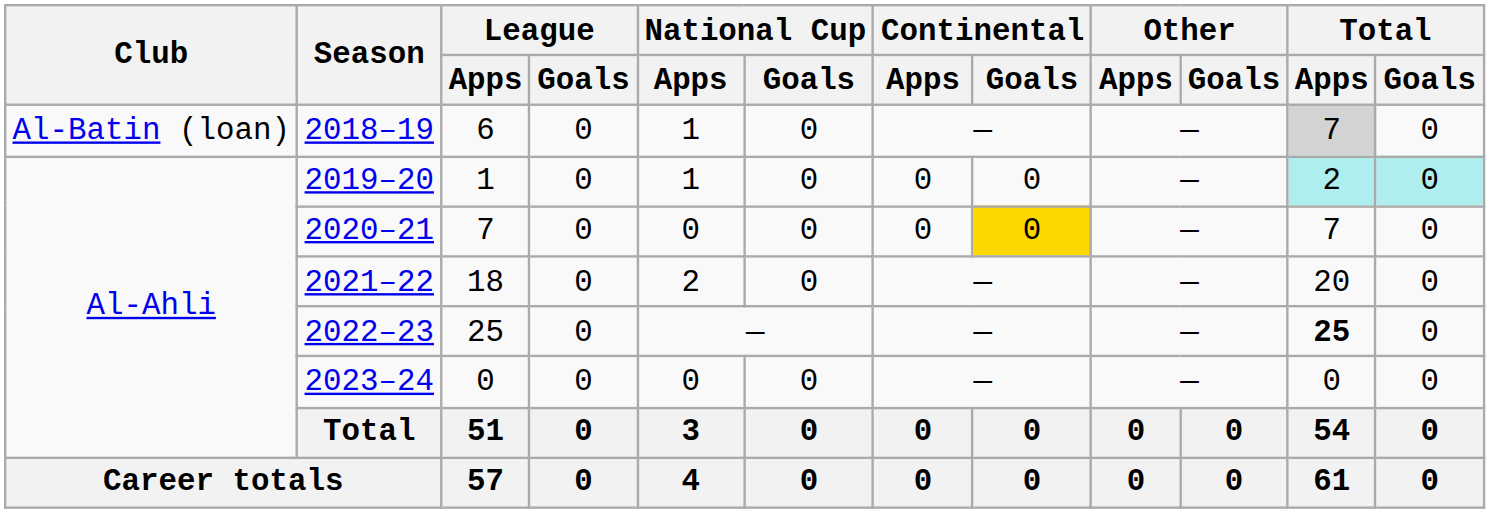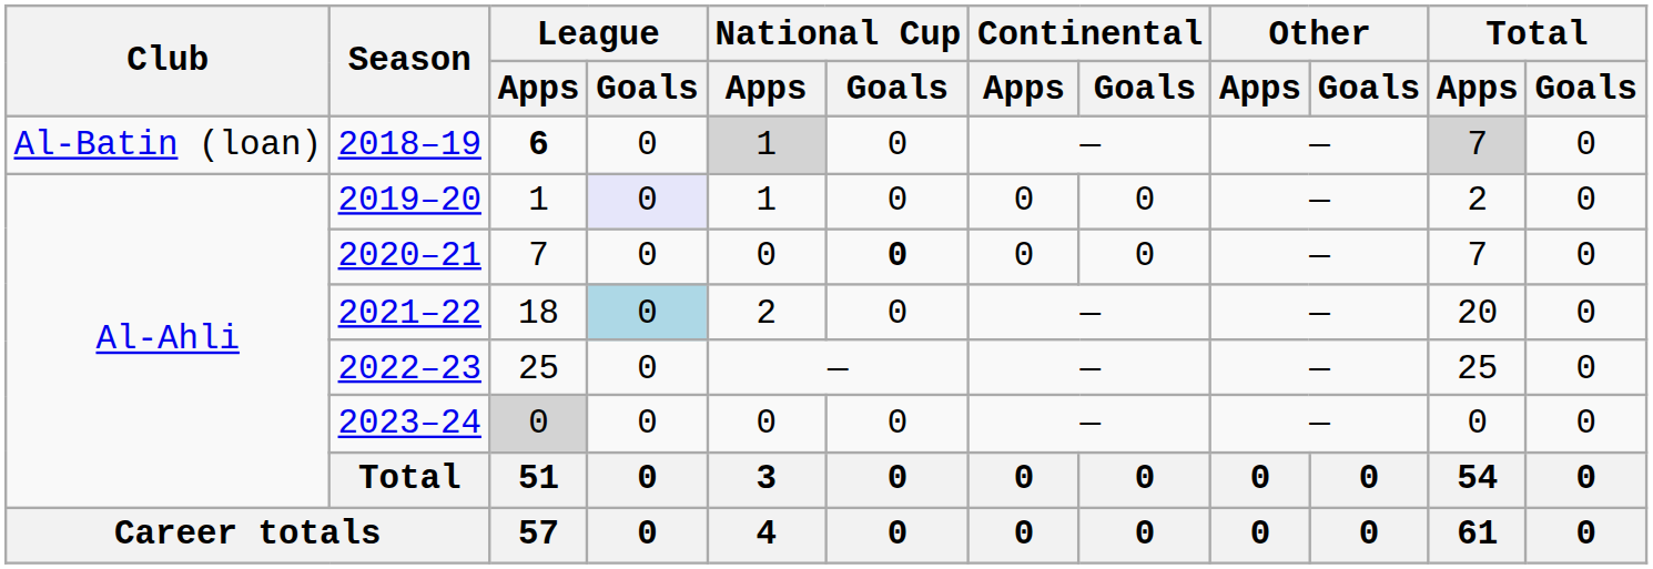 <table class="wikitable" style="text-align: center">
 <tr>
 <th rowspan=2>Club</th>
 <th rowspan=2>Season</th>
 <th colspan=2>League</th>
 <th colspan=2>National Cup</th>
 <th colspan=2>Continental</th>
 <th colspan=2>Other</th>
 <th colspan=2>Total</th>
 </tr>
 <tr>
 <th>Apps</th>
 <th>Goals</th>
 <th>Apps</th>
 <th>Goals</th>
 <th>Apps</th>
 <th>Goals</th>
 <th>Apps</th>
 <th>Goals</th>
 <th>Apps</th>
 <th>Goals</th>
 </tr>
 <tr>
 <td><a href='#'>Al-Batin</a> (loan)</td>
 <td><a href='#'>2018–19</a></td>
-<td>6</td>
+<td><strong>6</strong></td>
 <td>0</td>
-<td>1</td>
+<td style="background: lightgrey;">1</td>
 <td>0</td>
 <td colspan=2>—</td>
 <td colspan=2>—</td>
 <td style="background: lightgrey;">7</td>
 <td>0</td>
 </tr>
 <tr>
 <td rowspan=6><a href='#'>Al-Ahli</a></td>
 <td><a href='#'>2019–20</a></td>
 <td>1</td>
-<td>0</td>
+<td style="background: lavender;">0</td>
 <td>1</td>
 <td>0</td>
 <td>0</td>
 <td>0</td>
 <td colspan=2>—</td>
-<td style="background: paleturquoise;">2</td>
-<td style="background: paleturquoise;">0</td>
+<td>2</td>
+<td>0</td>
 </tr>
 <tr>
 <td><a href='#'>2020–21</a></td>
 <td>7</td>
 <td>0</td>
 <td>0</td>
+<td><strong>0</strong></td>
 <td>0</td>
 <td>0</td>
-<td style="background: gold;">0</td>
 <td colspan=2>—</td>
 <td>7</td>
 <td>0</td>
 </tr>
 <tr>
 <td><a href='#'>2021–22</a></td>
 <td>18</td>
-<td>0</td>
+<td style="background: lightblue;">0</td>
 <td>2</td>
 <td>0</td>
 <td colspan=2>—</td>
 <td colspan=2>—</td>
 <td>20</td>
 <td>0</td>
 </tr>
 <tr>
 <td><a href='#'>2022–23</a></td>
 <td>25</td>
 <td>0</td>
 <td colspan=2>—</td>
 <td colspan=2>—</td>
 <td colspan=2>—</td>
-<td><strong>25</strong></td>
+<td>25</td>
 <td>0</td>
 </tr>
 <tr>
 <td><a href='#'>2023–24</a></td>
-<td>0</td>
+<td style="background: lightgrey;">0</td>
 <td>0</td>
 <td>0</td>
 <td>0</td>
 <td colspan=2>—</td>
 <td colspan=2>—</td>
 <td>0</td>
 <td>0</td>
 </tr>
 <tr>
 <th>Total</th>
 <th>51</th>
 <th>0</th>
 <th>3</th>
 <th>0</th>
 <th>0</th>
 <th>0</th>
 <th>0</th>
 <th>0</th>
 <th>54</th>
 <th>0</th>
 </tr>
 <tr>
 <th colspan=2>Career totals</th>
 <th>57</th>
 <th>0</th>
 <th>4</th>
 <th>0</th>
 <th>0</th>
 <th>0</th>
 <th>0</th>
 <th>0</th>
 <th>61</th>
 <th>0</th>
 </tr>
 </table>
